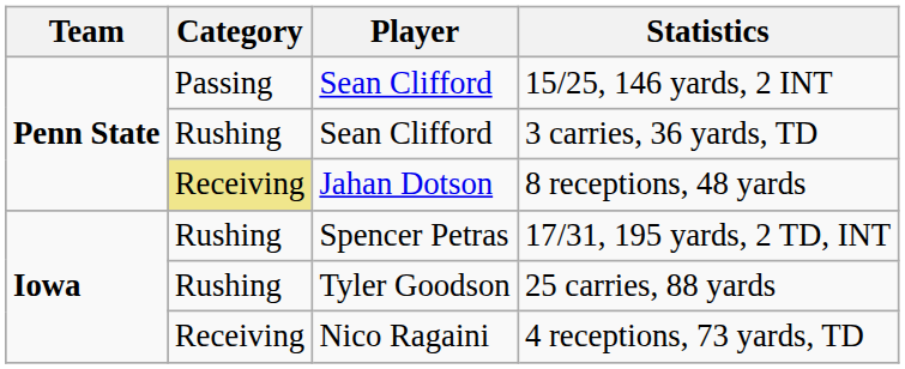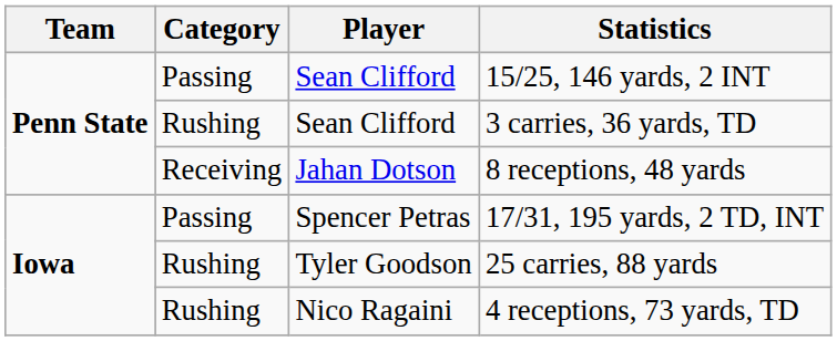 <table class="wikitable" style="float: left;">
 <tr>
 <th>Team</th>
 <th>Category</th>
 <th>Player</th>
 <th>Statistics</th>
 </tr>
 <tr>
 <td rowspan=3><strong>Penn State</strong></td>
 <td>Passing</td>
 <td><a href='#'>Sean Clifford</a></td>
 <td>15/25, 146 yards, 2 INT</td>
 </tr>
 <tr>
 <td>Rushing</td>
 <td>Sean Clifford</td>
 <td>3 carries, 36 yards, TD</td>
 </tr>
 <tr>
-<td style="background: khaki;">Receiving</td>
+<td>Receiving</td>
 <td><a href='#'>Jahan Dotson</a></td>
 <td>8 receptions, 48 yards</td>
 </tr>
 <tr>
 <td rowspan=3><strong>Iowa</strong></td>
-<td>Rushing</td>
+<td>Passing</td>
 <td>Spencer Petras</td>
 <td>17/31, 195 yards, 2 TD, INT</td>
 </tr>
 <tr>
 <td>Rushing</td>
 <td>Tyler Goodson</td>
 <td>25 carries, 88 yards</td>
 </tr>
 <tr>
-<td>Receiving</td>
+<td>Rushing</td>
 <td>Nico Ragaini</td>
 <td>4 receptions, 73 yards, TD</td>
 </tr>
 </table>
